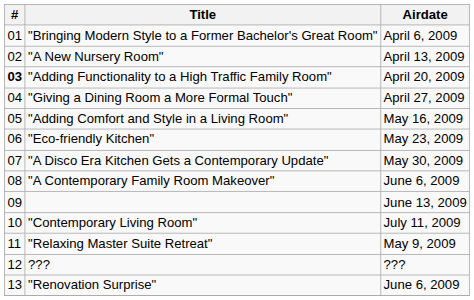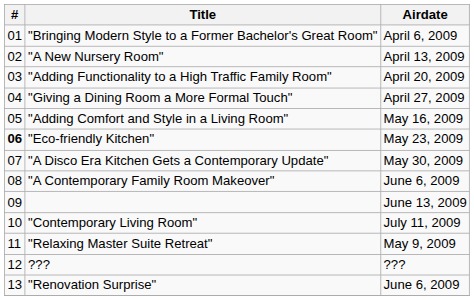 <table class="wikitable sortable">
 <tr>
 <th>#</th>
 <th>Title</th>
 <th>Airdate</th>
 </tr>
 <tr>
 <td nowrap="nowrap" align="center">01</td>
 <td>"Bringing Modern Style to a Former Bachelor's Great Room"</td>
 <td>April 6, 2009</td>
 </tr>
 <tr>
 <td nowrap="nowrap" align="center">02</td>
 <td>"A New Nursery Room"</td>
 <td>April 13, 2009</td>
 </tr>
 <tr>
-<td nowrap="nowrap" align="center"><strong>03</strong></td>
+<td nowrap="nowrap" align="center">03</td>
 <td>"Adding Functionality to a High Traffic Family Room"</td>
 <td>April 20, 2009</td>
 </tr>
 <tr>
 <td nowrap="nowrap" align="center">04</td>
 <td>"Giving a Dining Room a More Formal Touch"</td>
 <td>April 27, 2009</td>
 </tr>
 <tr>
 <td nowrap="nowrap" align="center">05</td>
 <td>"Adding Comfort and Style in a Living Room"</td>
 <td>May 16, 2009</td>
 </tr>
 <tr>
-<td nowrap="nowrap" align="center">06</td>
+<td nowrap="nowrap" align="center"><strong>06</strong></td>
 <td>"Eco-friendly Kitchen"</td>
 <td>May 23, 2009</td>
 </tr>
 <tr>
 <td nowrap="nowrap" align="center">07</td>
 <td>"A Disco Era Kitchen Gets a Contemporary Update"</td>
 <td>May 30, 2009</td>
 </tr>
 <tr>
 <td>08</td>
 <td>"A Contemporary Family Room Makeover"</td>
 <td>June 6, 2009</td>
 </tr>
 <tr>
 <td>09</td>
 <td "Family Style"></td>
 <td>June 13, 2009</td>
 </tr>
 <tr>
 <td>10</td>
 <td>"Contemporary Living Room"</td>
 <td>July 11, 2009</td>
 </tr>
 <tr>
 <td>11</td>
 <td>"Relaxing Master Suite Retreat"</td>
 <td>May 9, 2009</td>
 </tr>
 <tr>
 <td>12</td>
 <td>???</td>
 <td>???</td>
 </tr>
 <tr>
 <td>13</td>
 <td>"Renovation Surprise"</td>
 <td>June 6, 2009</td>
 </tr>
 <tr>
 </tr>
 </table>
